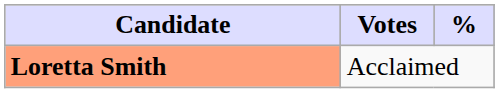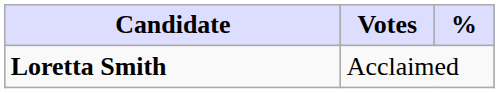 <table class="wikitable">
 <tr>
 <th style="background:#ddf; width:200px;">Candidate</th>
 <th style="background:#ddf; width:50px;">Votes</th>
 <th style="background:#ddf; width:30px;">%</th>
 </tr>
 <tr>
-<td style="background: lightsalmon;"><strong>Loretta Smith</strong></td>
+<td><strong>Loretta Smith</strong></td>
 <td colspan="2">Acclaimed</td>
 </tr>
 </table>
